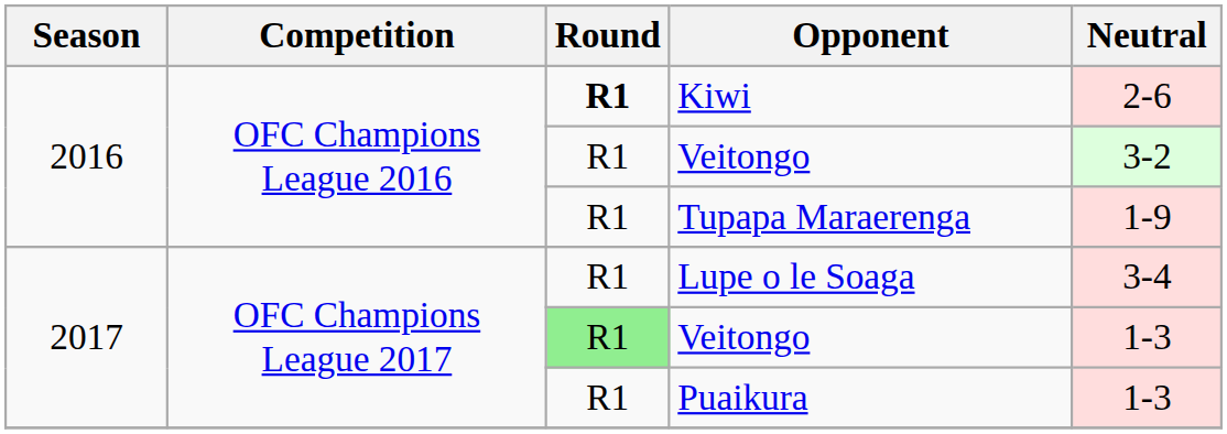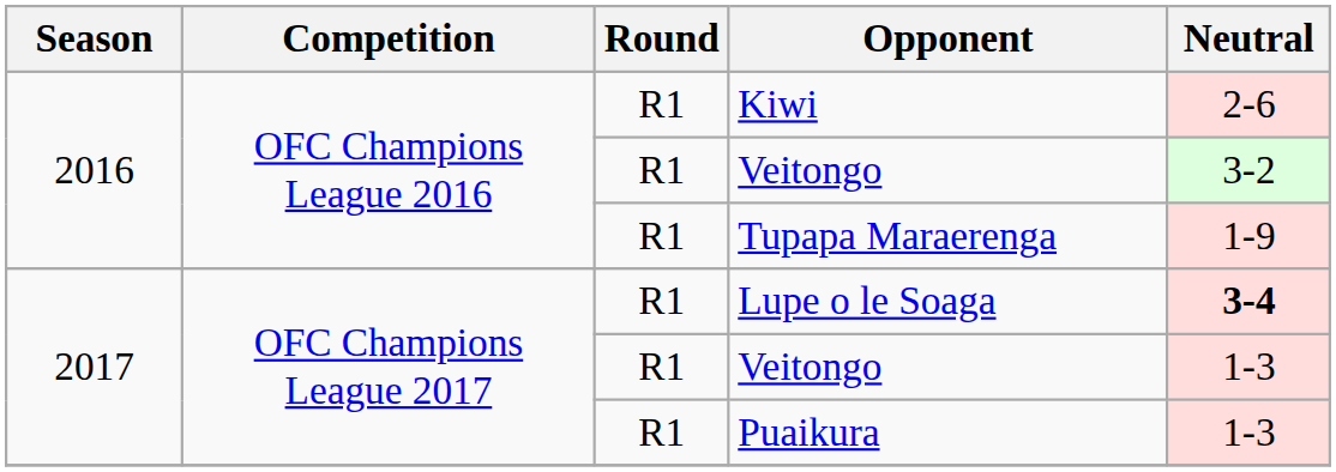 <table class="wikitable" style="font-size:95%; text-align: center;">
 <tr>
 <th style="width:60px;">Season</th>
 <th style="width:150px;">Competition</th>
 <th style="width:30px;">Round</th>
 <th style="width:160px;">Opponent</th>
 <th style="width:55px;">Neutral</th>
 </tr>
 <tr>
 <td rowspan=3>2016</td>
 <td rowspan=3><a href='#'>OFC Champions League 2016</a></td>
-<td><strong>R1</strong></td>
+<td>R1</td>
 <td style="text-align:left;"> <a href='#'>Kiwi</a></td>
 <td style="background:#fdd;">2-6</td>
 </tr>
 <tr>
 <td>R1</td>
 <td style="text-align:left;"> <a href='#'>Veitongo</a></td>
 <td style="background:#dfd;">3-2</td>
 </tr>
 <tr>
 <td>R1</td>
 <td style="text-align:left;"> <a href='#'>Tupapa Maraerenga</a></td>
 <td style="background:#fdd;">1-9</td>
 </tr>
 <tr>
 </tr>
 <tr>
 <td rowspan=3>2017</td>
 <td rowspan=3><a href='#'>OFC Champions League 2017</a></td>
 <td>R1</td>
 <td style="text-align:left;"> <a href='#'>Lupe o le Soaga</a></td>
-<td style="background:#fdd;">3-4</td>
+<td style="background:#fdd;"><strong>3-4</strong></td>
 </tr>
 <tr>
-<td style="background: lightgreen;">R1</td>
+<td>R1</td>
 <td style="text-align:left;"> <a href='#'>Veitongo</a></td>
 <td style="background:#fdd;">1-3</td>
 </tr>
 <tr>
 <td>R1</td>
 <td style="text-align:left;"> <a href='#'>Puaikura</a></td>
 <td style="background:#fdd;">1-3</td>
 </tr>
 <tr>
 </tr>
 </table>
